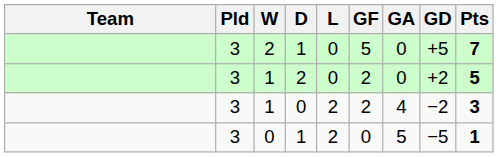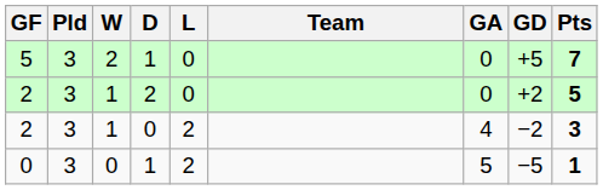 <table class="wikitable" style="text-align:center">
 <tr>
-<th width="175">Team</th>
+<th width="20">GF</th>
 <th width="20">Pld</th>
 <th width="20">W</th>
 <th width="20">D</th>
 <th width="20">L</th>
-<th width="20">GF</th>
+<th width="175">Team</th>
 <th width="20">GA</th>
 <th width="20">GD</th>
 <th width="20">Pts</th>
 </tr>
 <tr bgcolor="#ccffcc">
-<td align=left></td>
+<td>5</td>
 <td>3</td>
 <td>2</td>
 <td>1</td>
 <td>0</td>
-<td>5</td>
+<td align=left></td>
 <td>0</td>
 <td>+5</td>
 <td><strong>7</strong></td>
 </tr>
 <tr bgcolor="#ccffcc">
-<td align=left></td>
+<td>2</td>
 <td>3</td>
 <td>1</td>
 <td>2</td>
 <td>0</td>
-<td>2</td>
+<td align=left></td>
 <td>0</td>
 <td>+2</td>
 <td><strong>5</strong></td>
 </tr>
 <tr>
-<td align=left></td>
+<td>2</td>
 <td>3</td>
 <td>1</td>
 <td>0</td>
 <td>2</td>
-<td>2</td>
+<td align=left></td>
 <td>4</td>
 <td>−2</td>
 <td><strong>3</strong></td>
 </tr>
 <tr>
-<td align=left></td>
+<td>0</td>
 <td>3</td>
 <td>0</td>
 <td>1</td>
 <td>2</td>
-<td>0</td>
+<td align=left></td>
 <td>5</td>
 <td>−5</td>
 <td><strong>1</strong></td>
 </tr>
 </table>
